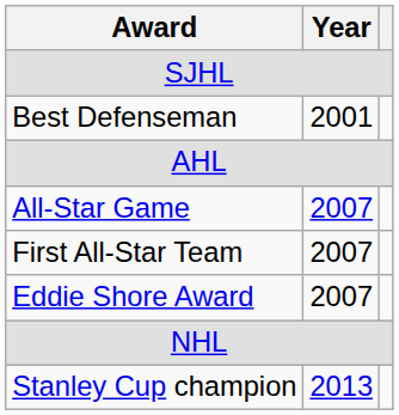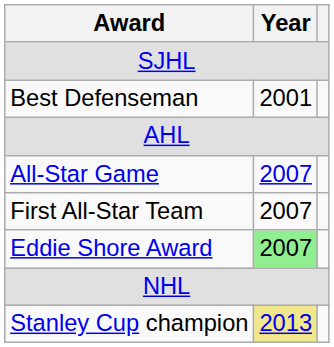 <table class="wikitable">
 <tr>
 <th>Award</th>
 <th>Year</th>
 <th></th>
 </tr>
 <tr ALIGN="center" bgcolor="#e0e0e0">
 <td colspan="3"><a href='#'>SJHL</a></td>
 </tr>
 <tr>
 <td>Best Defenseman</td>
 <td>2001</td>
 <td></td>
 </tr>
 <tr ALIGN="center" bgcolor="#e0e0e0">
 <td colspan="3"><a href='#'>AHL</a></td>
 </tr>
 <tr>
 <td><a href='#'>All-Star Game</a></td>
 <td><a href='#'>2007</a></td>
 <td></td>
 </tr>
 <tr>
 <td>First All-Star Team</td>
 <td>2007</td>
 <td></td>
 </tr>
 <tr>
 <td><a href='#'>Eddie Shore Award</a></td>
-<td>2007</td>
+<td style="background: lightgreen;">2007</td>
 <td></td>
 </tr>
 <tr ALIGN="center" bgcolor="#e0e0e0">
 <td colspan="3"><a href='#'>NHL</a></td>
 </tr>
 <tr>
 <td><a href='#'>Stanley Cup</a> champion</td>
-<td><a href='#'>2013</a></td>
+<td style="background: khaki;"><a href='#'>2013</a></td>
 <td></td>
 </tr>
 </table>
